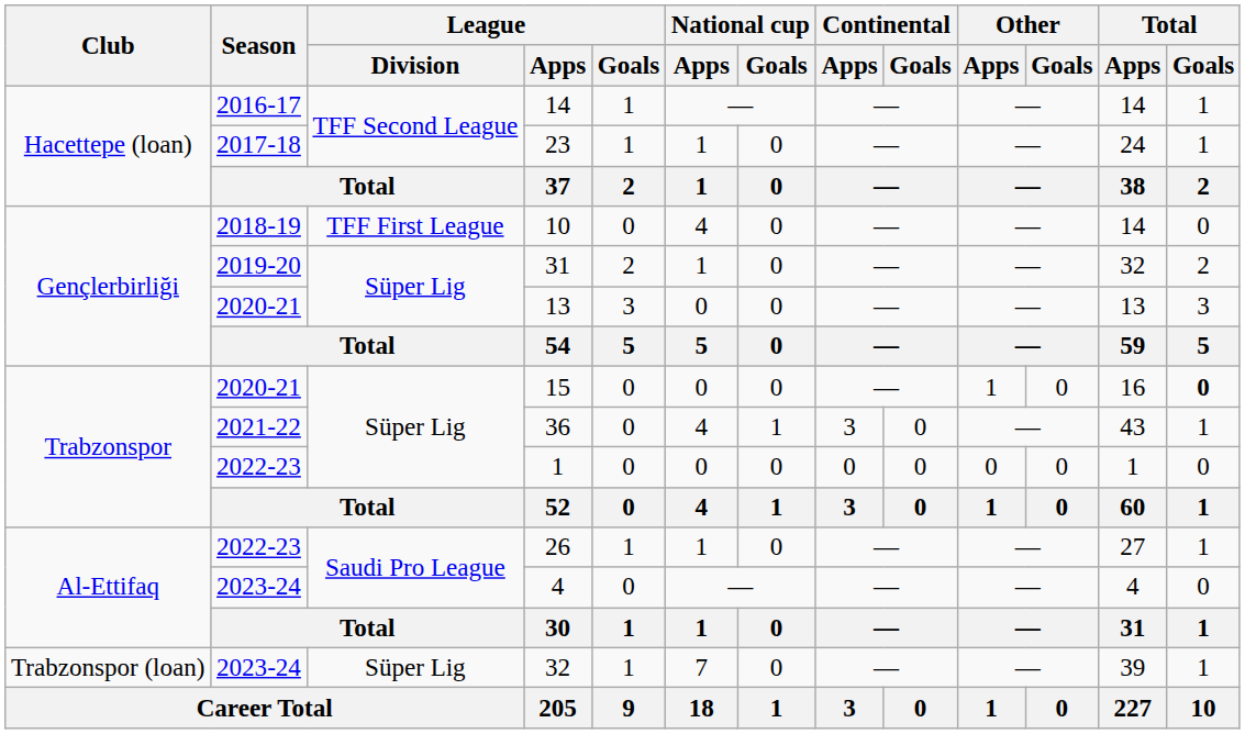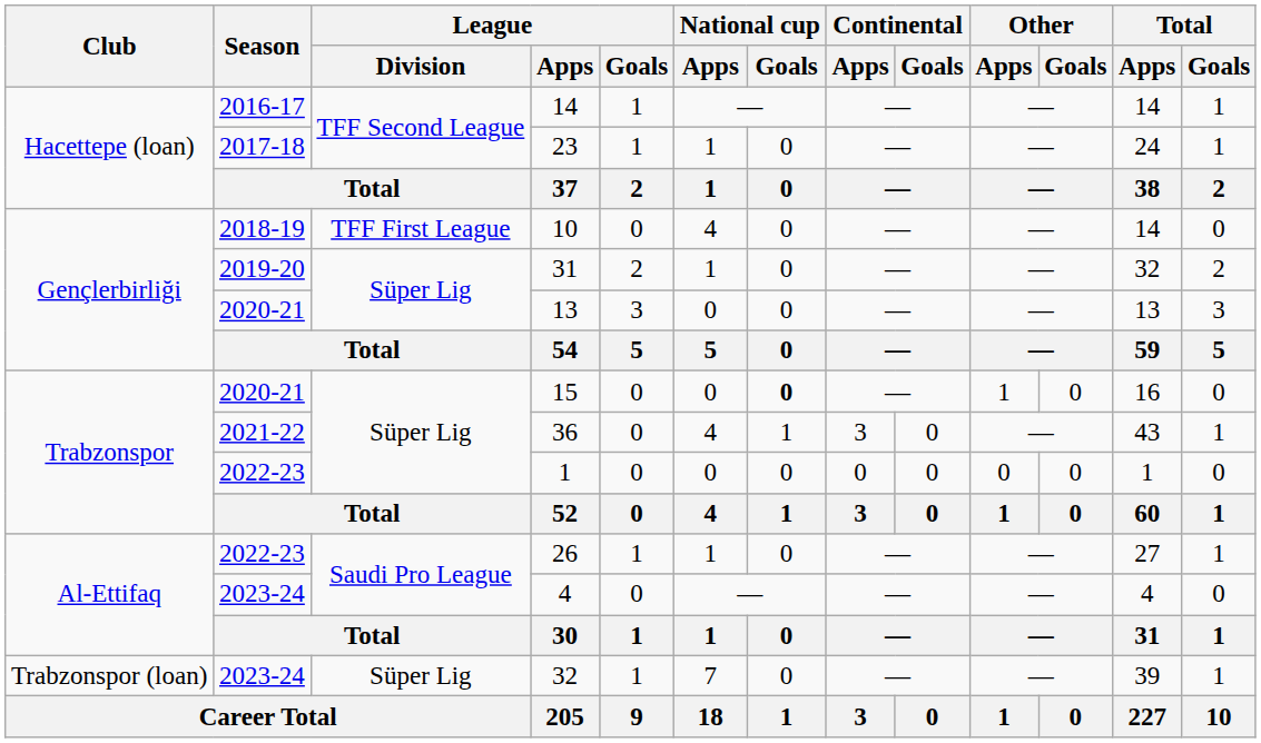 <table class="wikitable" style="text-align: center;">
 <tr>
 <th rowspan="2">Club</th>
 <th rowspan="2">Season</th>
 <th colspan="3">League</th>
 <th colspan="2">National cup</th>
 <th colspan="2">Continental</th>
 <th colspan="2">Other</th>
 <th colspan="2">Total</th>
 </tr>
 <tr>
 <th>Division</th>
 <th>Apps</th>
 <th>Goals</th>
 <th>Apps</th>
 <th>Goals</th>
 <th>Apps</th>
 <th>Goals</th>
 <th>Apps</th>
 <th>Goals</th>
 <th>Apps</th>
 <th>Goals</th>
 </tr>
 <tr>
 <td rowspan="3"><a href='#'>Hacettepe</a> (loan)</td>
 <td><a href='#'>2016-17</a></td>
 <td rowspan="2"><a href='#'>TFF Second League</a></td>
 <td>14</td>
 <td>1</td>
 <td colspan="2">—</td>
 <td colspan="2">—</td>
 <td colspan="2">—</td>
 <td>14</td>
 <td>1</td>
 </tr>
 <tr>
 <td><a href='#'>2017-18</a></td>
 <td>23</td>
 <td>1</td>
 <td>1</td>
 <td>0</td>
 <td colspan="2">—</td>
 <td colspan="2">—</td>
 <td>24</td>
 <td>1</td>
 </tr>
 <tr>
 <th colspan="2">Total</th>
 <th>37</th>
 <th>2</th>
 <th>1</th>
 <th>0</th>
 <th colspan="2">—</th>
 <th colspan="2">—</th>
 <th>38</th>
 <th>2</th>
 </tr>
 <tr>
 <td rowspan="4"><a href='#'>Gençlerbirliği</a></td>
 <td><a href='#'>2018-19</a></td>
 <td><a href='#'>TFF First League</a></td>
 <td>10</td>
 <td>0</td>
 <td>4</td>
 <td>0</td>
 <td colspan="2">—</td>
 <td colspan="2">—</td>
 <td>14</td>
 <td>0</td>
 </tr>
 <tr>
 <td><a href='#'>2019-20</a></td>
 <td rowspan="2"><a href='#'>Süper Lig</a></td>
 <td>31</td>
 <td>2</td>
 <td>1</td>
 <td>0</td>
 <td colspan="2">—</td>
 <td colspan="2">—</td>
 <td>32</td>
 <td>2</td>
 </tr>
 <tr>
 <td><a href='#'>2020-21</a></td>
 <td>13</td>
 <td>3</td>
 <td>0</td>
 <td>0</td>
 <td colspan="2">—</td>
 <td colspan="2">—</td>
 <td>13</td>
 <td>3</td>
 </tr>
 <tr>
 <th colspan="2">Total</th>
 <th>54</th>
 <th>5</th>
 <th>5</th>
 <th>0</th>
 <th colspan="2">—</th>
 <th colspan="2">—</th>
 <th>59</th>
 <th>5</th>
 </tr>
 <tr>
 <td rowspan="4"><a href='#'>Trabzonspor</a></td>
 <td><a href='#'>2020-21</a></td>
 <td rowspan="3">Süper Lig</td>
 <td>15</td>
 <td>0</td>
 <td>0</td>
-<td>0</td>
+<td><strong>0</strong></td>
 <td colspan="2">—</td>
 <td>1</td>
 <td>0</td>
 <td>16</td>
-<td><strong>0</strong></td>
+<td>0</td>
 </tr>
 <tr>
 <td><a href='#'>2021-22</a></td>
 <td>36</td>
 <td>0</td>
 <td>4</td>
 <td>1</td>
 <td>3</td>
 <td>0</td>
 <td colspan="2">—</td>
 <td>43</td>
 <td>1</td>
 </tr>
 <tr>
 <td><a href='#'>2022-23</a></td>
 <td>1</td>
 <td>0</td>
 <td>0</td>
 <td>0</td>
 <td>0</td>
 <td>0</td>
 <td>0</td>
 <td>0</td>
 <td>1</td>
 <td>0</td>
 </tr>
 <tr>
 <th colspan="2">Total</th>
 <th>52</th>
 <th>0</th>
 <th>4</th>
 <th>1</th>
 <th>3</th>
 <th>0</th>
 <th>1</th>
 <th>0</th>
 <th>60</th>
 <th>1</th>
 </tr>
 <tr>
 <td rowspan="3"><a href='#'>Al-Ettifaq</a></td>
 <td><a href='#'>2022-23</a></td>
 <td rowspan="2"><a href='#'>Saudi Pro League</a></td>
 <td>26</td>
 <td>1</td>
 <td>1</td>
 <td>0</td>
 <td colspan="2">—</td>
 <td colspan="2">—</td>
 <td>27</td>
 <td>1</td>
 </tr>
 <tr>
 <td><a href='#'>2023-24</a></td>
 <td>4</td>
 <td>0</td>
 <td colspan="2">—</td>
 <td colspan="2">—</td>
 <td colspan="2">—</td>
 <td>4</td>
 <td>0</td>
 </tr>
 <tr>
 <th colspan="2">Total</th>
 <th>30</th>
 <th>1</th>
 <th>1</th>
 <th>0</th>
 <th colspan="2">—</th>
 <th colspan="2">—</th>
 <th>31</th>
 <th>1</th>
 </tr>
 <tr>
 <td>Trabzonspor (loan)</td>
 <td><a href='#'>2023-24</a></td>
 <td>Süper Lig</td>
 <td>32</td>
 <td>1</td>
 <td>7</td>
 <td>0</td>
 <td colspan="2">—</td>
 <td colspan="2">—</td>
 <td>39</td>
 <td>1</td>
 </tr>
 <tr>
 <th colspan="3">Career Total</th>
 <th>205</th>
 <th>9</th>
 <th>18</th>
 <th>1</th>
 <th>3</th>
 <th>0</th>
 <th>1</th>
 <th>0</th>
 <th>227</th>
 <th>10</th>
 </tr>
 </table>
